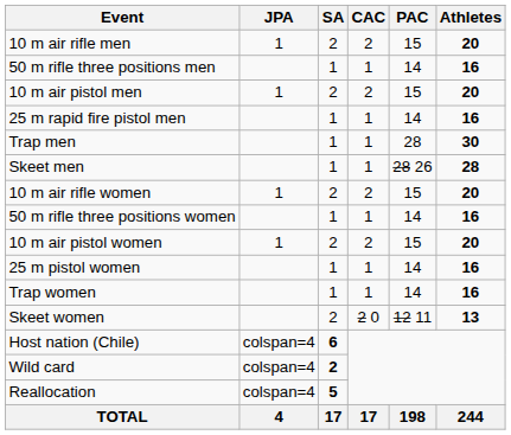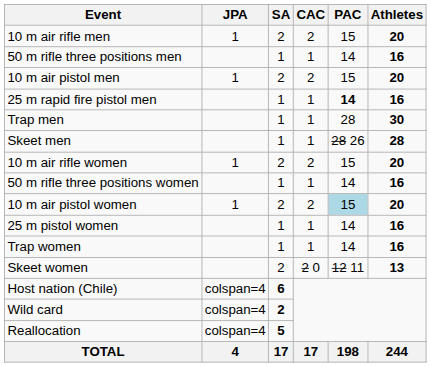 <table class="wikitable">
 <tr>
 <th>Event</th>
 <th>JPA</th>
 <th>SA</th>
 <th>CAC</th>
 <th>PAC</th>
 <th>Athletes</th>
 </tr>
 <tr align="center">
 <td align=left>10 m air rifle men</td>
 <td>1</td>
 <td>2</td>
 <td>2</td>
 <td>15</td>
 <td><strong>20</strong></td>
 </tr>
 <tr align="center">
 <td align=left>50 m rifle three positions  men</td>
 <td></td>
 <td>1</td>
 <td>1</td>
 <td>14</td>
 <td><strong>16</strong></td>
 </tr>
 <tr align="center">
 <td align=left>10 m air pistol men</td>
 <td>1</td>
 <td>2</td>
 <td>2</td>
 <td>15</td>
 <td><strong>20</strong></td>
 </tr>
 <tr align="center">
 <td align=left>25 m rapid fire pistol men</td>
 <td></td>
 <td>1</td>
 <td>1</td>
-<td>14</td>
+<td><strong>14</strong></td>
 <td><strong>16</strong></td>
 </tr>
 <tr align="center">
 <td align=left>Trap men</td>
 <td></td>
 <td>1</td>
 <td>1</td>
 <td>28</td>
 <td><strong>30</strong></td>
 </tr>
 <tr align="center">
 <td align=left>Skeet men</td>
 <td></td>
 <td>1</td>
 <td>1</td>
 <td><s>28</s> 26</td>
 <td><strong>28</strong></td>
 </tr>
 <tr align="center">
 <td align=left>10 m air rifle women</td>
 <td>1</td>
 <td>2</td>
 <td>2</td>
 <td>15</td>
 <td><strong>20</strong></td>
 </tr>
 <tr align="center">
 <td align=left>50 m rifle three positions women</td>
 <td></td>
 <td>1</td>
 <td>1</td>
 <td>14</td>
 <td><strong>16</strong></td>
 </tr>
 <tr align="center">
 <td align=left>10 m air pistol women</td>
 <td>1</td>
 <td>2</td>
 <td>2</td>
-<td>15</td>
+<td style="background: lightblue;">15</td>
 <td><strong>20</strong></td>
 </tr>
 <tr align="center">
 <td align=left>25 m pistol women</td>
 <td></td>
 <td>1</td>
 <td>1</td>
 <td>14</td>
 <td><strong>16</strong></td>
 </tr>
 <tr align="center">
 <td align=left>Trap women</td>
 <td></td>
 <td>1</td>
 <td>1</td>
 <td>14</td>
 <td><strong>16</strong></td>
 </tr>
 <tr align="center">
 <td align=left>Skeet women</td>
 <td></td>
 <td>2</td>
 <td><s>2</s> 0</td>
 <td><s>12</s> 11</td>
 <td><strong>13</strong></td>
 </tr>
 <tr align="center">
 <td align=left>Host nation (Chile)</td>
 <td>colspan=4 </td>
 <td><strong>6</strong></td>
 </tr>
 <tr align="center">
 <td align=left>Wild card</td>
 <td>colspan=4 </td>
 <td><strong>2</strong></td>
 </tr>
 <tr align="center">
 <td align=left>Reallocation</td>
 <td>colspan=4 </td>
 <td><strong>5</strong></td>
 </tr>
 <tr>
 <th>TOTAL</th>
 <th>4</th>
 <th>17</th>
 <th>17</th>
 <th>198</th>
 <th>244</th>
 </tr>
 </table>
